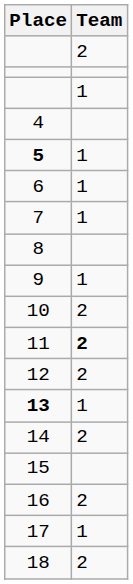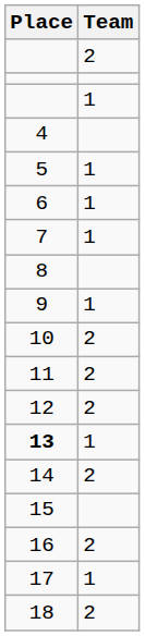 <table class="wikitable">
 <tr>
 <th>Place</th>
 <th>Team</th>
 </tr>
 <tr>
 <td align=center></td>
 <td> 2</td>
 </tr>
 <tr>
 <td align=center></td>
 <td></td>
 </tr>
 <tr>
 <td align=center></td>
 <td> 1</td>
 </tr>
 <tr>
 <td align=center>4</td>
 <td></td>
 </tr>
 <tr>
-<td align=center><strong>5</strong></td>
+<td align=center>5</td>
 <td> 1</td>
 </tr>
 <tr>
 <td align=center>6</td>
 <td> 1</td>
 </tr>
 <tr>
 <td align=center>7</td>
 <td> 1</td>
 </tr>
 <tr>
 <td align=center>8</td>
 <td></td>
 </tr>
 <tr>
 <td align=center>9</td>
 <td> 1</td>
 </tr>
 <tr>
 <td align=center>10</td>
 <td> 2</td>
 </tr>
 <tr>
 <td align=center>11</td>
-<td><strong> 2</strong></td>
+<td> 2</td>
 </tr>
 <tr>
 <td align=center>12</td>
 <td> 2</td>
 </tr>
 <tr>
 <td align=center><strong>13</strong></td>
 <td> 1</td>
 </tr>
 <tr>
 <td align=center>14</td>
 <td> 2</td>
 </tr>
 <tr>
 <td align=center>15</td>
 <td></td>
 </tr>
 <tr>
 <td align=center>16</td>
 <td> 2</td>
 </tr>
 <tr>
 <td align=center>17</td>
 <td> 1</td>
 </tr>
 <tr>
 <td align=center>18</td>
 <td> 2</td>
 </tr>
 </table>
